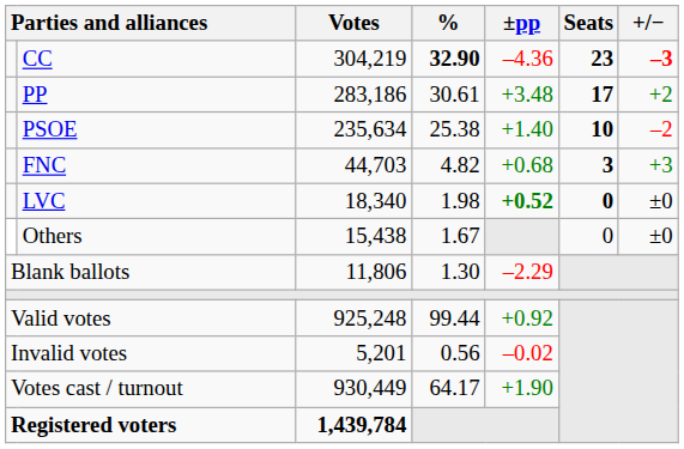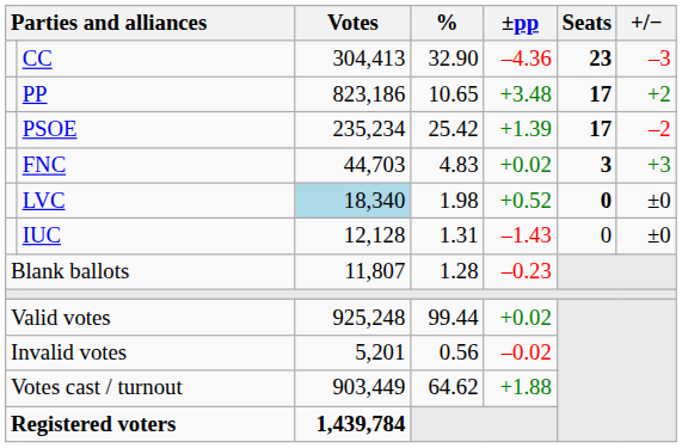 <table class="wikitable" style="text-align:right;">
 <tr>
 <th style="text-align:left;" colspan="2" width="200">Parties and alliances</th>
 <th width="75">Votes</th>
 <th width="45">%</th>
 <th width="45">±<a href='#'>pp</a></th>
 <th width="35">Seats</th>
 <th width="35">+/−</th>
 </tr>
 <tr>
 <td width="1" style="color:inherit;background:"></td>
 <td align="left"><a href='#'>CC</a></td>
-<td>304,219</td>
-<td><strong>32.90</strong></td>
+<td>304,413</td>
+<td>32.90</td>
 <td style="color:red;">–4.36</td>
 <td><strong>23</strong></td>
-<td style="color:red;"><strong>–3</strong></td>
+<td style="color:red;">–3</td>
 </tr>
 <tr>
 <td style="color:inherit;background:"></td>
 <td align="left"><a href='#'>PP</a></td>
-<td>283,186</td>
-<td>30.61</td>
+<td>823,186</td>
+<td>10.65</td>
 <td style="color:green;">+3.48</td>
 <td><strong>17</strong></td>
 <td style="color:green;">+2</td>
 </tr>
 <tr>
 <td style="color:inherit;background:"></td>
 <td align="left"><a href='#'>PSOE</a></td>
-<td>235,634</td>
-<td>25.38</td>
-<td style="color:green;">+1.40</td>
-<td><strong>10</strong></td>
+<td>235,234</td>
+<td>25.42</td>
+<td style="color:green;">+1.39</td>
+<td><strong>17</strong></td>
 <td style="color:red;">–2</td>
 </tr>
 <tr>
 <td style="color:inherit;background:"></td>
 <td align="left"><a href='#'>FNC</a></td>
 <td>44,703</td>
-<td>4.82</td>
-<td style="color:green;">+0.68</td>
+<td>4.83</td>
+<td style="color:green;">+0.02</td>
 <td><strong>3</strong></td>
 <td style="color:green;">+3</td>
 </tr>
 <tr>
 <td style="color:inherit;background:"></td>
 <td align="left"><a href='#'>LVC</a></td>
-<td>18,340</td>
+<td style="background: lightblue;">18,340</td>
 <td>1.98</td>
-<td style="color:green;"><strong>+0.52</strong></td>
+<td style="color:green;">+0.52</td>
 <td><strong>0</strong></td>
 <td>±0</td>
 </tr>
 <tr>
-<td bgcolor="white"></td>
-<td align="left">Others</td>
-<td>15,438</td>
-<td>1.67</td>
-<td bgcolor="#E9E9E9"></td>
+<td style="color:inherit;background:"></td>
+<td align="left"><a href='#'>IUC</a></td>
+<td>12,128</td>
+<td>1.31</td>
+<td style="color:red;">–1.43</td>
 <td>0</td>
 <td>±0</td>
 </tr>
 <tr>
 <td align="left" colspan="2">Blank ballots</td>
-<td>11,806</td>
-<td>1.30</td>
-<td style="color:red;">–2.29</td>
+<td>11,807</td>
+<td>1.28</td>
+<td style="color:red;">–0.23</td>
 <td bgcolor="#E9E9E9" colspan="2"></td>
 </tr>
 <tr>
 <td colspan="7" bgcolor="#E9E9E9"></td>
 </tr>
 <tr>
 <td align="left" colspan="2">Valid votes</td>
 <td>925,248</td>
 <td>99.44</td>
-<td style="color:green;">+0.92</td>
+<td style="color:green;">+0.02</td>
 <td bgcolor="#E9E9E9" colspan="2" rowspan="4"></td>
 </tr>
 <tr>
 <td align="left" colspan="2">Invalid votes</td>
 <td>5,201</td>
 <td>0.56</td>
 <td style="color:red;">–0.02</td>
 </tr>
 <tr>
 <td align="left" colspan="2">Votes cast / turnout</td>
-<td>930,449</td>
-<td>64.17</td>
-<td style="color:green;">+1.90</td>
+<td>903,449</td>
+<td>64.62</td>
+<td style="color:green;">+1.88</td>
 </tr>
 <tr style="font-weight:bold;">
 <td align="left" colspan="2">Registered voters</td>
 <td>1,439,784</td>
 <td bgcolor="#E9E9E9" colspan="2"></td>
 </tr>
 </table>
